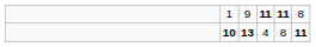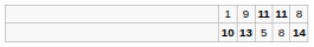 <table class="wikitable">
 <tr>
 <td style="width:18em"></td>
 <td align=center style="width:1em">1</td>
 <td align=center style="width:1em">9</td>
 <td align=center style="width:1em"><strong>11</strong></td>
 <td align=center style="width:1em"><strong>11</strong></td>
 <td align=center style="width:1em">8</td>
 </tr>
 <tr>
 <td style="width:18em"></td>
 <td align=center style="width:1em"><strong>10</strong></td>
 <td align=center style="width:1em"><strong>13</strong></td>
-<td align=center style="width:1em">4</td>
+<td align=center style="width:1em">5</td>
 <td align=center style="width:1em">8</td>
-<td align=center style="width:1em"><strong>11</strong></td>
+<td align=center style="width:1em"><strong>14</strong></td>
 </tr>
 </table>
